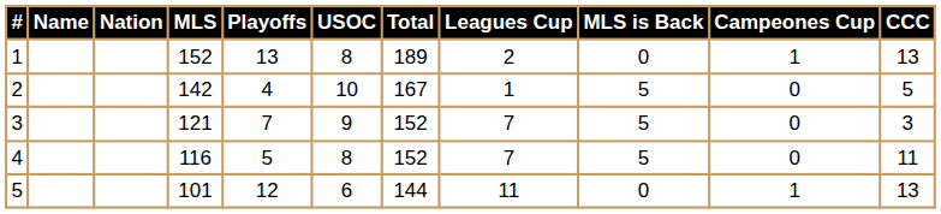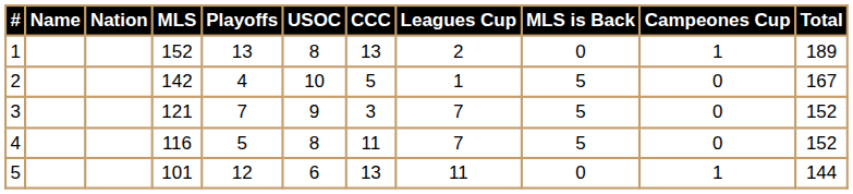 <table class="wikitable sortable" style="text-align:center;">
 <tr>
 <th style="background:#000; color:#FFF; border:2px solid #C39E6D;;" scope="col">#</th>
 <th style="background:#000; color:#FFF; border:2px solid #C39E6D;;" scope="col">Name</th>
 <th style="background:#000; color:#FFF; border:2px solid #C39E6D;;" scope="col">Nation</th>
 <th style="background:#000; color:#FFF; border:2px solid #C39E6D;;" scope="col">MLS</th>
 <th style="background:#000; color:#FFF; border:2px solid #C39E6D;;" scope="col">Playoffs</th>
 <th style="background:#000; color:#FFF; border:2px solid #C39E6D;;" scope="col">USOC</th>
-<th style="background:#000; color:#FFF; border:2px solid #C39E6D;;" scope="col">Total</th>
+<th style="background:#000; color:#FFF; border:2px solid #C39E6D;;" scope="col">CCC</th>
 <th style="background:#000; color:#FFF; border:2px solid #C39E6D;;" scope="col">Leagues Cup</th>
 <th style="background:#000; color:#FFF; border:2px solid #C39E6D;;" scope="col">MLS is Back</th>
 <th style="background:#000; color:#FFF; border:2px solid #C39E6D;;" scope="col">Campeones Cup</th>
-<th style="background:#000; color:#FFF; border:2px solid #C39E6D;;" scope="col">CCC</th>
+<th style="background:#000; color:#FFF; border:2px solid #C39E6D;;" scope="col">Total</th>
 </tr>
 <tr>
 <td ! style="background:#FFFFFF; color:#000; border:2px solid #C39E6D;" scope="col">1</td>
 <th style="background:#FFFFFF; color:#000; border:2px solid #C39E6D;" scope="col"align="left"></th>
 <td ! style="background:#FFFFFF; color:#000; border:2px solid #C39E6D;" scope="col"align="left"></td>
 <td ! style="background:#FFFFFF; color:#000; border:2px solid #C39E6D;" scope="col">152</td>
 <td ! style="background:#FFFFFF; color:#000; border:2px solid #C39E6D;" scope="col">13</td>
 <td ! style="background:#FFFFFF; color:#000; border:2px solid #C39E6D;" scope="col">8</td>
-<td ! style="background:#FFFFFF; color:#000; border:2px solid #C39E6D;" scope="col">189</td>
+<td ! style="background:#FFFFFF; color:#000; border:2px solid #C39E6D;" scope="col">13</td>
 <td ! style="background:#FFFFFF; color:#000; border:2px solid #C39E6D;" scope="col">2</td>
 <td ! style="background:#FFFFFF; color:#000; border:2px solid #C39E6D;" scope="col">0</td>
 <td ! style="background:#FFFFFF; color:#000; border:2px solid #C39E6D;" scope="col">1</td>
-<td ! style="background:#FFFFFF; color:#000; border:2px solid #C39E6D;" scope="col">13</td>
+<td ! style="background:#FFFFFF; color:#000; border:2px solid #C39E6D;" scope="col">189</td>
 </tr>
 <tr>
 <td ! style="background:#FFFFFF; color:#000; border:2px solid #C39E6D;" scope="col">2</td>
 <th style="background:#FFFFFF; color:#000; border:2px solid #C39E6D;" scope="col"align="left"></th>
 <td ! style="background:#FFFFFF; color:#000; border:2px solid #C39E6D;" scope="col"align="left"></td>
 <td ! style="background:#FFFFFF; color:#000; border:2px solid #C39E6D;" scope="col">142</td>
 <td ! style="background:#FFFFFF; color:#000; border:2px solid #C39E6D;" scope="col">4</td>
 <td ! style="background:#FFFFFF; color:#000; border:2px solid #C39E6D;" scope="col">10</td>
-<td ! style="background:#FFFFFF; color:#000; border:2px solid #C39E6D;" scope="col">167</td>
+<td ! style="background:#FFFFFF; color:#000; border:2px solid #C39E6D;" scope="col">5</td>
 <td ! style="background:#FFFFFF; color:#000; border:2px solid #C39E6D;" scope="col">1</td>
 <td ! style="background:#FFFFFF; color:#000; border:2px solid #C39E6D;" scope="col">5</td>
 <td ! style="background:#FFFFFF; color:#000; border:2px solid #C39E6D;" scope="col">0</td>
-<td ! style="background:#FFFFFF; color:#000; border:2px solid #C39E6D;" scope="col">5</td>
+<td ! style="background:#FFFFFF; color:#000; border:2px solid #C39E6D;" scope="col">167</td>
 </tr>
 <tr>
 <td ! style="background:#FFFFFF; color:#000; border:2px solid #C39E6D;" scope="col">3</td>
 <th style="background:#FFFFFF; color:#000; border:2px solid #C39E6D;" scope="col"align="left"></th>
 <td ! style="background:#FFFFFF; color:#000; border:2px solid #C39E6D;" scope="col"align="left"></td>
 <td ! style="background:#FFFFFF; color:#000; border:2px solid #C39E6D;" scope="col">121</td>
 <td ! style="background:#FFFFFF; color:#000; border:2px solid #C39E6D;" scope="col">7</td>
 <td ! style="background:#FFFFFF; color:#000; border:2px solid #C39E6D;" scope="col">9</td>
-<td ! style="background:#FFFFFF; color:#000; border:2px solid #C39E6D;" scope="col">152</td>
+<td ! style="background:#FFFFFF; color:#000; border:2px solid #C39E6D;" scope="col">3</td>
 <td ! style="background:#FFFFFF; color:#000; border:2px solid #C39E6D;" scope="col">7</td>
 <td ! style="background:#FFFFFF; color:#000; border:2px solid #C39E6D;" scope="col">5</td>
 <td ! style="background:#FFFFFF; color:#000; border:2px solid #C39E6D;" scope="col">0</td>
-<td ! style="background:#FFFFFF; color:#000; border:2px solid #C39E6D;" scope="col">3</td>
+<td ! style="background:#FFFFFF; color:#000; border:2px solid #C39E6D;" scope="col">152</td>
 </tr>
 <tr>
 <td ! style="background:#FFFFFF; color:#000; border:2px solid #C39E6D;" scope="col">4</td>
 <th style="background:#FFFFFF; color:#000; border:2px solid #C39E6D;" scope="col" align="left"></th>
 <td ! style="background:#FFFFFF; color:#000; border:2px solid #C39E6D;" scope="col" align="left"></td>
 <td ! style="background:#FFFFFF; color:#000; border:2px solid #C39E6D;" scope="col">116</td>
 <td ! style="background:#FFFFFF; color:#000; border:2px solid #C39E6D;" scope="col">5</td>
 <td ! style="background:#FFFFFF; color:#000; border:2px solid #C39E6D;" scope="col">8</td>
-<td ! style="background:#FFFFFF; color:#000; border:2px solid #C39E6D;" scope="col">152</td>
+<td ! style="background:#FFFFFF; color:#000; border:2px solid #C39E6D;" scope="col">11</td>
 <td ! style="background:#FFFFFF; color:#000; border:2px solid #C39E6D;" scope="col">7</td>
 <td ! style="background:#FFFFFF; color:#000; border:2px solid #C39E6D;" scope="col">5</td>
 <td ! style="background:#FFFFFF; color:#000; border:2px solid #C39E6D;" scope="col">0</td>
-<td ! style="background:#FFFFFF; color:#000; border:2px solid #C39E6D;" scope="col">11</td>
+<td ! style="background:#FFFFFF; color:#000; border:2px solid #C39E6D;" scope="col">152</td>
 </tr>
 <tr>
 <td ! style="background:#FFFFFF; color:#000; border:2px solid #C39E6D;" scope="col">5</td>
 <th style="background:#FFFFFF; color:#000; border:2px solid #C39E6D;" scope="col"align="left"></th>
 <td ! style="background:#FFFFFF; color:#000; border:2px solid #C39E6D;" scope="col"align="left"></td>
 <td ! style="background:#FFFFFF; color:#000; border:2px solid #C39E6D;" scope="col">101</td>
 <td ! style="background:#FFFFFF; color:#000; border:2px solid #C39E6D;" scope="col">12</td>
 <td ! style="background:#FFFFFF; color:#000; border:2px solid #C39E6D;" scope="col">6</td>
-<td ! style="background:#FFFFFF; color:#000; border:2px solid #C39E6D;" scope="col">144</td>
+<td ! style="background:#FFFFFF; color:#000; border:2px solid #C39E6D;" scope="col">13</td>
 <td ! style="background:#FFFFFF; color:#000; border:2px solid #C39E6D;" scope="col">11</td>
 <td ! style="background:#FFFFFF; color:#000; border:2px solid #C39E6D;" scope="col">0</td>
 <td ! style="background:#FFFFFF; color:#000; border:2px solid #C39E6D;" scope="col">1</td>
-<td ! style="background:#FFFFFF; color:#000; border:2px solid #C39E6D;" scope="col">13</td>
+<td ! style="background:#FFFFFF; color:#000; border:2px solid #C39E6D;" scope="col">144</td>
 </tr>
 </table>
